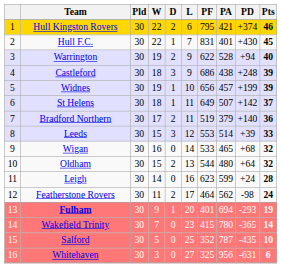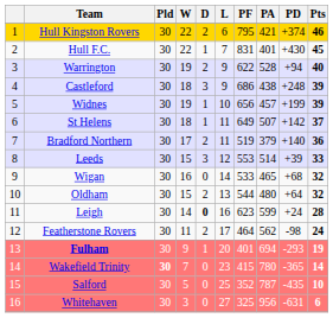 <table class="wikitable" style="text-align:center;">
 <tr>
 <th width=20 abbr="Position"></th>
 <th width=175>Team</th>
 <th width=20 abbr="Played">Pld</th>
 <th width=20 abbr="Won">W</th>
 <th width=20 abbr="Drawn">D</th>
 <th width=20 abbr="Lost">L</th>
 <th width=20 abbr="Points for">PF</th>
 <th width=20 abbr="Points against">PA</th>
 <th width=20 abbr="Points difference">PD</th>
 <th width=20 abbr="Points">Pts</th>
 </tr>
 <tr>
 </tr>
 <tr align=center style="background:#FFD700;">
 <td>1</td>
 <td style="text-align:center;"> <a href='#'>Hull Kingston Rovers</a></td>
 <td>30</td>
 <td>22</td>
 <td>2</td>
 <td>6</td>
 <td>795</td>
 <td>421</td>
 <td>+374</td>
 <td><strong>46</strong></td>
 </tr>
 <tr align=center style="background:#e1e1ff'">
 <td>2</td>
 <td style="text-align:center;"> <a href='#'>Hull F.C.</a></td>
 <td>30</td>
 <td>22</td>
 <td>1</td>
 <td>7</td>
 <td>831</td>
 <td>401</td>
 <td>+430</td>
 <td><strong>45</strong></td>
 </tr>
 <tr align=center style="background:#e1e1ff;">
 <td>3</td>
 <td style="text-align:center;"> <a href='#'>Warrington</a></td>
 <td>30</td>
 <td>19</td>
 <td>2</td>
 <td>9</td>
 <td>622</td>
 <td>528</td>
 <td>+94</td>
 <td><strong>40</strong></td>
 </tr>
 <tr align=center style="background:#e1e1ff;">
 <td>4</td>
 <td style="text-align:center;"> <a href='#'>Castleford</a></td>
 <td>30</td>
 <td>18</td>
 <td>3</td>
 <td>9</td>
 <td>686</td>
 <td>438</td>
 <td>+248</td>
 <td><strong>39</strong></td>
 </tr>
 <tr align=center style="background:#e1e1ff;">
 <td>5</td>
 <td style="text-align:center;"> <a href='#'>Widnes</a></td>
 <td>30</td>
 <td>19</td>
 <td>1</td>
 <td>10</td>
 <td>656</td>
 <td>457</td>
 <td>+199</td>
 <td><strong>39</strong></td>
 </tr>
 <tr align=center style="background:#e1e1ff;">
 <td>6</td>
 <td style="text-align:center;"> <a href='#'>St Helens</a></td>
 <td>30</td>
 <td>18</td>
 <td>1</td>
 <td>11</td>
 <td>649</td>
 <td>507</td>
 <td>+142</td>
 <td><strong>37</strong></td>
 </tr>
 <tr align=center style="background:#e1e1ff;">
 <td>7</td>
 <td style="text-align:center;"> <a href='#'>Bradford Northern</a></td>
 <td>30</td>
 <td>17</td>
 <td>2</td>
 <td>11</td>
 <td>519</td>
 <td>379</td>
 <td>+140</td>
 <td><strong>36</strong></td>
 </tr>
 <tr align=center style="background:#e1e1ff;">
 <td>8</td>
 <td style="text-align:center;"> <a href='#'>Leeds</a></td>
 <td>30</td>
 <td>15</td>
 <td>3</td>
 <td>12</td>
 <td>553</td>
 <td>514</td>
 <td>+39</td>
 <td><strong>33</strong></td>
 </tr>
 <tr align=center style="background:">
 <td>9</td>
 <td style="text-align:center;"> <a href='#'>Wigan</a></td>
 <td>30</td>
 <td>16</td>
 <td>0</td>
 <td>14</td>
 <td>533</td>
 <td>465</td>
 <td>+68</td>
 <td><strong>32</strong></td>
 </tr>
 <tr align=center style="background:">
 <td>10</td>
 <td style="text-align:center;"> <a href='#'>Oldham</a></td>
 <td>30</td>
 <td>15</td>
 <td>2</td>
 <td>13</td>
 <td>544</td>
 <td>480</td>
 <td>+64</td>
 <td><strong>32</strong></td>
 </tr>
 <tr align=center style="background:">
 <td>11</td>
 <td style="text-align:center;"> <a href='#'>Leigh</a></td>
 <td>30</td>
 <td>14</td>
-<td>0</td>
+<td><strong>0</strong></td>
 <td>16</td>
 <td>623</td>
 <td>599</td>
 <td>+24</td>
 <td><strong>28</strong></td>
 </tr>
 <tr align=center style="background:">
 <td>12</td>
 <td style="text-align:center;"> <a href='#'>Featherstone Rovers</a></td>
 <td>30</td>
 <td>11</td>
 <td>2</td>
 <td>17</td>
 <td>464</td>
 <td>562</td>
 <td>-98</td>
 <td><strong>24</strong></td>
 </tr>
 <tr align=center style="background:#ff7777;color:white">
 <td>13</td>
 <td style="text-align:center;"> <strong><a href='#'>Fulham</a></strong></td>
 <td>30</td>
 <td>9</td>
 <td>1</td>
 <td>20</td>
 <td>401</td>
 <td>694</td>
 <td>-293</td>
 <td><strong>19</strong></td>
 </tr>
 <tr align=center style="background:#ff7777;color:white">
 <td>14</td>
 <td style="text-align:center;"> <a href='#'>Wakefield Trinity</a></td>
-<td>30</td>
+<td><strong>30</strong></td>
 <td>7</td>
 <td>0</td>
 <td>23</td>
 <td>415</td>
 <td>780</td>
 <td>-365</td>
 <td><strong>14</strong></td>
 </tr>
 <tr align=center style="background:#ff7777;color:white">
 <td>15</td>
 <td style="text-align:center;"> <a href='#'>Salford</a></td>
 <td>30</td>
 <td>5</td>
 <td>0</td>
 <td>25</td>
 <td>352</td>
 <td>787</td>
 <td>-435</td>
 <td><strong>10</strong></td>
 </tr>
 <tr align=center style="background:#ff7777;color:white">
 <td>16</td>
 <td style="text-align:center;"> <a href='#'>Whitehaven</a></td>
 <td>30</td>
 <td>3</td>
 <td>0</td>
 <td>27</td>
 <td>325</td>
 <td>956</td>
 <td>-631</td>
 <td><strong>6</strong></td>
 </tr>
 <tr --->
 </tr>
 </table>
